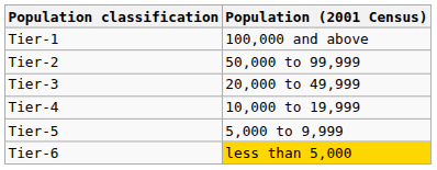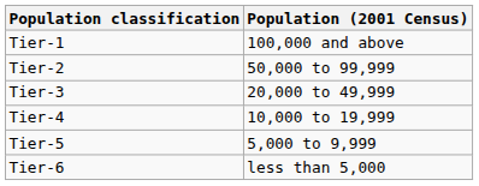 <table class="wikitable" style="padding: 3px">
 <tr>
 <th><strong>Population classification</strong></th>
 <th><strong>Population (2001 Census)</strong></th>
 </tr>
 <tr>
 <td>Tier-1</td>
 <td>100,000 and above</td>
 </tr>
 <tr>
 <td>Tier-2</td>
 <td>50,000 to 99,999</td>
 </tr>
 <tr>
 <td>Tier-3</td>
 <td>20,000 to 49,999</td>
 </tr>
 <tr>
 <td>Tier-4</td>
 <td>10,000 to 19,999</td>
 </tr>
 <tr>
 <td>Tier-5</td>
 <td>5,000 to 9,999</td>
 </tr>
 <tr>
 <td>Tier-6</td>
-<td style="background: gold;">less than 5,000</td>
+<td>less than 5,000</td>
 </tr>
 </table>
